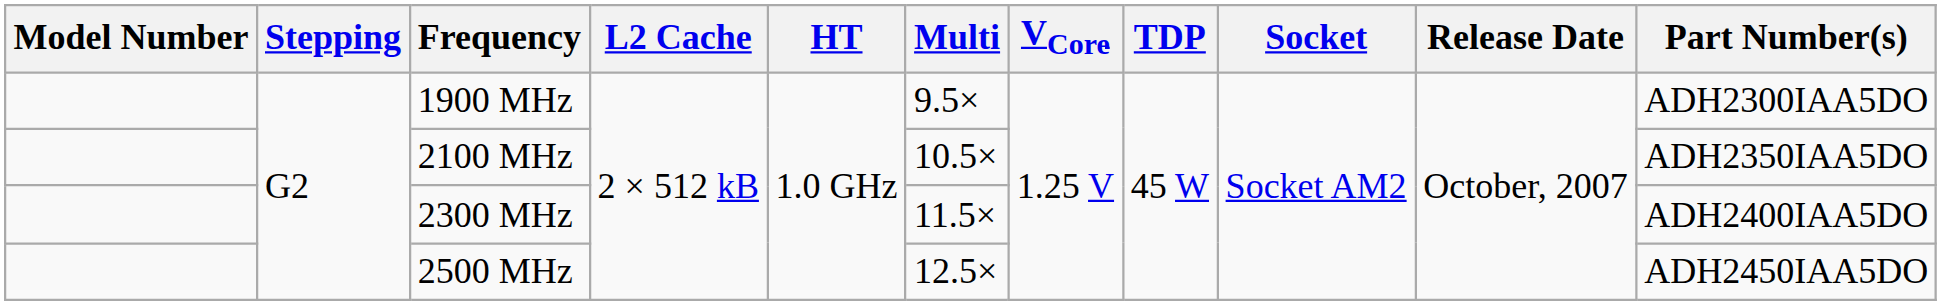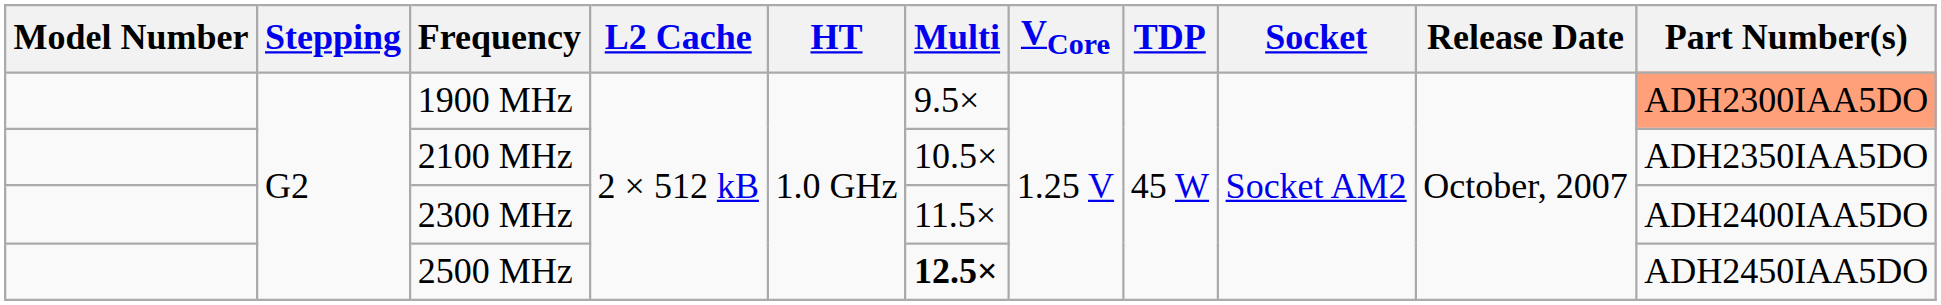 <table class="wikitable">
 <tr>
 <th>Model Number</th>
 <th><a href='#'>Stepping</a></th>
 <th>Frequency</th>
 <th><a href='#'>L2 Cache</a></th>
 <th><a href='#'>HT</a></th>
 <th><a href='#'>Multi</a></th>
 <th><a href='#'>V<sub>Core</sub></a></th>
 <th><a href='#'>TDP</a></th>
 <th><a href='#'>Socket</a></th>
 <th>Release Date</th>
 <th>Part Number(s)</th>
 </tr>
 <tr>
 <td></td>
 <td rowspan="4">G2</td>
 <td>1900 MHz</td>
 <td rowspan="4">2 × 512 <a href='#'>kB</a></td>
 <td rowspan="4">1.0 GHz</td>
 <td>9.5×</td>
 <td rowspan="4">1.25 <a href='#'>V</a></td>
 <td rowspan="4">45 <a href='#'>W</a></td>
 <td rowspan="4"><a href='#'>Socket AM2</a></td>
 <td rowspan="4">October, 2007</td>
-<td>ADH2300IAA5DO</td>
+<td style="background: lightsalmon;">ADH2300IAA5DO</td>
 </tr>
 <tr>
 <td></td>
 <td>2100 MHz</td>
 <td>10.5×</td>
 <td>ADH2350IAA5DO</td>
 </tr>
 <tr>
 <td></td>
 <td>2300 MHz</td>
 <td>11.5×</td>
 <td>ADH2400IAA5DO</td>
 </tr>
 <tr>
 <td></td>
 <td>2500 MHz</td>
-<td>12.5×</td>
+<td><strong>12.5×</strong></td>
 <td>ADH2450IAA5DO</td>
 </tr>
 </table>
